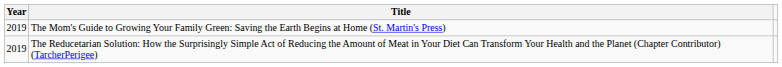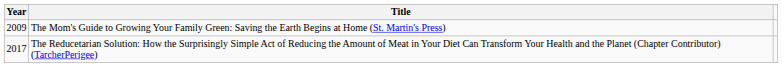 <table class="wikitable sortable">
 <tr>
 <th>Year</th>
 <th>Title</th>
 </tr>
 <tr>
-<td>2019</td>
+<td>2009</td>
 <td>The Mom's Guide to Growing Your Family Green: Saving the Earth Begins at Home (<a href='#'>St. Martin's Press</a>) </td>
 <td></td>
 </tr>
 <tr>
-<td>2019</td>
+<td>2017</td>
 <td>The Reducetarian Solution: How the Surprisingly Simple Act of Reducing the Amount of Meat in Your Diet Can Transform Your Health and the Planet (Chapter Contributor)(<a href='#'>TarcherPerigee</a>)</td>
 <td></td>
 </tr>
 </table>
